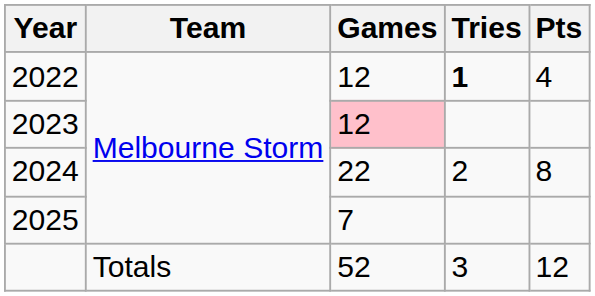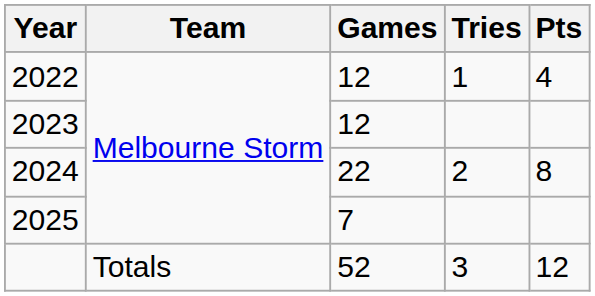 <table class="wikitable">
 <tr>
 <th>Year</th>
 <th>Team</th>
 <th>Games</th>
 <th>Tries</th>
 <th>Pts</th>
 </tr>
 <tr>
 <td>2022</td>
 <td rowspan="4"> <a href='#'>Melbourne Storm</a></td>
 <td>12</td>
-<td><strong>1</strong></td>
+<td>1</td>
 <td>4</td>
 </tr>
 <tr>
 <td>2023</td>
-<td style="background: pink;">12</td>
+<td>12</td>
 <td></td>
 <td></td>
 </tr>
 <tr>
 <td>2024</td>
 <td>22</td>
 <td>2</td>
 <td>8</td>
 </tr>
 <tr>
 <td>2025</td>
 <td>7</td>
 <td></td>
 <td></td>
 </tr>
 <tr>
 <td></td>
 <td>Totals</td>
 <td>52</td>
 <td>3</td>
 <td>12</td>
 </tr>
 </table>
